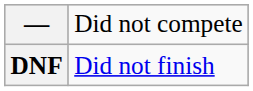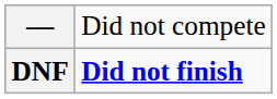 <table class="wikitable">
 <tr>
 <th scope="row" style="text-align: center;">—</th>
 <td>Did not compete</td>
 </tr>
 <tr>
 <th scope="row" style="text-align: center;">DNF</th>
-<td><a href='#'>Did not finish</a></td>
+<td><strong><a href='#'>Did not finish</a></strong></td>
 </tr>
 </table>
